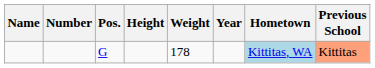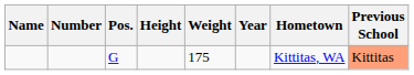 <table class="wikitable sortable" style="font-size:90%;" border="1">
 <tr>
 <th>Name</th>
 <th>Number</th>
 <th>Pos.</th>
 <th>Height</th>
 <th>Weight</th>
 <th>Year</th>
 <th>Hometown</th>
 <th ! class="unsortable">Previous<br>School</th>
 </tr>
 <tr>
 <td></td>
 <td></td>
 <td><a href='#'>G</a></td>
 <td></td>
-<td>178</td>
+<td>175</td>
 <td></td>
-<td style="background: lightblue;"><a href='#'>Kittitas, WA</a></td>
+<td><a href='#'>Kittitas, WA</a></td>
 <td style="background: lightsalmon;">Kittitas</td>
 </tr>
 </table>
